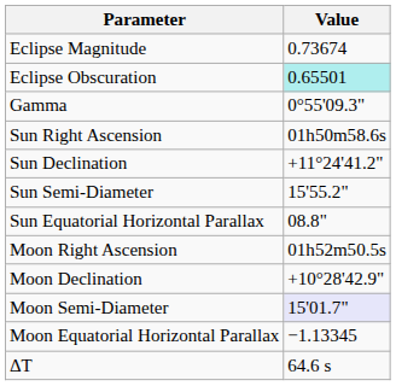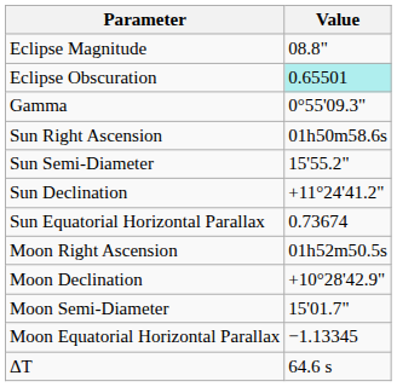 <table class="wikitable">
 <tr>
 <th>Parameter</th>
 <th>Value</th>
 </tr>
 <tr>
 <td>Eclipse Magnitude</td>
-<td>0.73674</td>
+<td>08.8"</td>
 </tr>
 <tr>
 <td>Eclipse Obscuration</td>
 <td style="background: paleturquoise;">0.65501</td>
 </tr>
 <tr>
 <td>Gamma</td>
 <td>0°55'09.3"</td>
 </tr>
 <tr>
 <td>Sun Right Ascension</td>
 <td>01h50m58.6s</td>
 </tr>
 <tr>
+<td>Sun Semi-Diameter</td>
+<td>15'55.2"</td>
+</tr>
+<tr>
 <td>Sun Declination</td>
 <td>+11°24'41.2"</td>
 </tr>
 <tr>
-<td>Sun Semi-Diameter</td>
-<td>15'55.2"</td>
-</tr>
-<tr>
 <td>Sun Equatorial Horizontal Parallax</td>
-<td>08.8"</td>
+<td>0.73674</td>
 </tr>
 <tr>
 <td>Moon Right Ascension</td>
 <td>01h52m50.5s</td>
 </tr>
 <tr>
 <td>Moon Declination</td>
 <td>+10°28'42.9"</td>
 </tr>
 <tr>
 <td>Moon Semi-Diameter</td>
-<td style="background: lavender;">15'01.7"</td>
+<td>15'01.7"</td>
 </tr>
 <tr>
 <td>Moon Equatorial Horizontal Parallax</td>
 <td>−1.13345</td>
 </tr>
 <tr>
 <td>ΔT</td>
 <td>64.6 s</td>
 </tr>
 </table>
